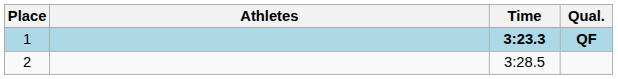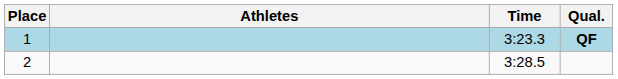 <table class=wikitable style="text-align:center">
 <tr>
 <th width=20>Place</th>
 <th width=470>Athletes</th>
 <th width=70>Time</th>
 <th width=50>Qual.</th>
 </tr>
 <tr>
 </tr>
 <tr bgcolor=lightblue>
 <td>1</td>
 <td align=left></td>
-<td><strong>3:23.3</strong></td>
+<td>3:23.3</td>
 <td><strong>QF</strong></td>
 </tr>
 <tr>
 <td>2</td>
 <td align=left></td>
 <td>3:28.5</td>
 <td></td>
 </tr>
 </table>
